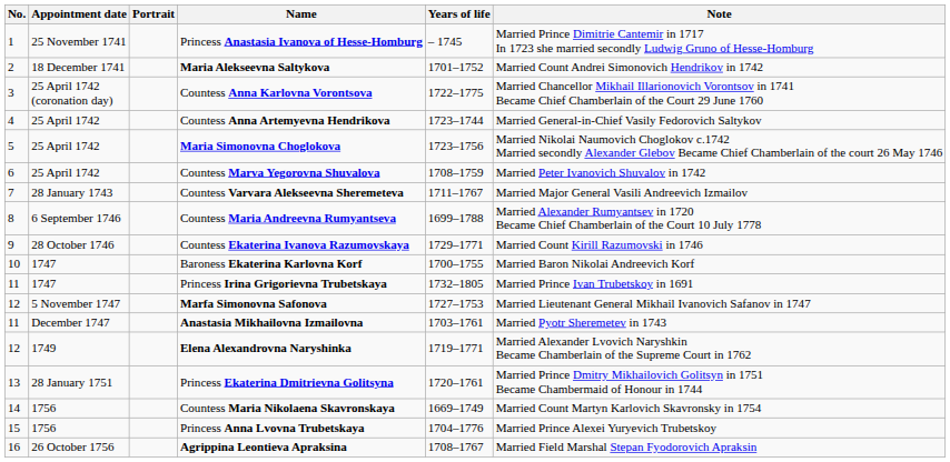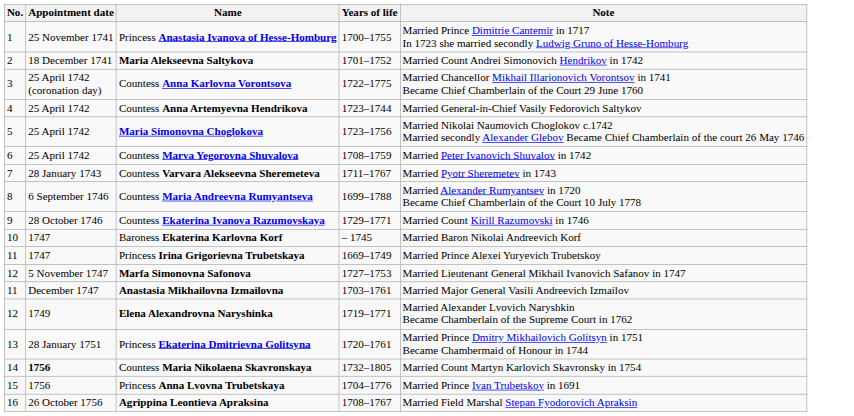 <table class="wikitable">
 <tr>
 <th>No.</th>
 <th>Appointment date</th>
-<th>Portrait</th>
 <th>Name</th>
 <th>Years of life</th>
 <th>Note</th>
 </tr>
 <tr>
 <td>1</td>
 <td>25 November 1741</td>
-<td></td>
 <td>Princess <strong><a href='#'>Anastasia Ivanova of Hesse-Homburg</a></strong></td>
-<td>– 1745</td>
+<td>1700–1755</td>
 <td>Married Prince <a href='#'>Dimitrie Cantemir</a> in 1717<br>In 1723 she married secondly <a href='#'>Ludwig Gruno of Hesse-Homburg</a></td>
 </tr>
 <tr>
 <td>2</td>
 <td>18 December 1741</td>
-<td></td>
 <td><strong>Maria Alekseevna Saltykova</strong></td>
 <td>1701–1752</td>
 <td>Married Count Andrei Simonovich <a href='#'>Hendrikov</a> in 1742</td>
 </tr>
 <tr>
 <td>3</td>
 <td>25 April 1742<br>(coronation day)</td>
-<td></td>
 <td>Countess <strong><a href='#'>Anna Karlovna Vorontsova</a></strong></td>
 <td>1722–1775</td>
 <td>Married Chancellor <a href='#'>Mikhail Illarionovich Vorontsov</a> in 1741<br>Became Chief Chamberlain of the Court 29 June 1760</td>
 </tr>
 <tr>
 <td>4</td>
 <td>25 April 1742</td>
-<td></td>
 <td>Countess <strong>Anna Artemyevna Hendrikova</strong></td>
 <td>1723–1744</td>
 <td>Married General-in-Chief Vasily Fedorovich Saltykov</td>
 </tr>
 <tr>
 <td>5</td>
 <td>25 April 1742</td>
-<td></td>
 <td><strong><a href='#'>Maria Simonovna Choglokova</a></strong></td>
 <td>1723–1756</td>
 <td>Married Nikolai Naumovich Choglokov c.1742<br>Married secondly <a href='#'>Alexander Glebov</a> Became Chief Chamberlain of the court 26 May 1746</td>
 </tr>
 <tr>
 <td>6</td>
 <td>25 April 1742</td>
-<td></td>
 <td>Countess <a href='#'><strong>Marva Yegorovna Shuvalova</strong></a></td>
 <td>1708–1759</td>
 <td>Married <a href='#'>Peter Ivanovich Shuvalov</a> in 1742</td>
 </tr>
 <tr>
 <td>7</td>
 <td>28 January 1743</td>
-<td></td>
 <td>Countess <strong>Varvara Alekseevna Sheremeteva</strong></td>
 <td>1711–1767</td>
-<td>Married Major General Vasili Andreevich Izmailov</td>
+<td>Married <a href='#'>Pyotr Sheremetev</a> in 1743</td>
 </tr>
 <tr>
 <td>8</td>
 <td>6 September 1746</td>
-<td></td>
 <td>Countess <strong><a href='#'>Maria Andreevna Rumyantseva</a></strong></td>
 <td>1699–1788</td>
 <td>Married <a href='#'>Alexander Rumyantsev</a> in 1720<br>Became Chief Chamberlain of the Court 10 July 1778</td>
 </tr>
 <tr>
 <td>9</td>
 <td>28 October 1746</td>
-<td></td>
 <td>Countess <strong><a href='#'>Ekaterina Ivanova Razumovskaya</a></strong></td>
 <td>1729–1771</td>
 <td>Married Count <a href='#'>Kirill Razumovski</a> in 1746</td>
 </tr>
 <tr>
 <td>10</td>
 <td>1747</td>
-<td></td>
 <td>Baroness <strong>Ekaterina Karlovna Korf</strong></td>
-<td>1700–1755</td>
+<td>– 1745</td>
 <td>Married Baron Nikolai Andreevich Korf</td>
 </tr>
 <tr>
 <td>11</td>
 <td>1747</td>
-<td></td>
 <td>Princess <strong>Irina Grigorievna Trubetskaya</strong></td>
-<td>1732–1805</td>
-<td>Married Prince <a href='#'>Ivan Trubetskoy</a> in 1691</td>
+<td>1669–1749</td>
+<td>Married Prince Alexei Yuryevich Trubetskoy</td>
 </tr>
 <tr>
 <td>12</td>
 <td>5 November 1747</td>
-<td></td>
 <td><strong>Marfa Simonovna Safonova</strong></td>
 <td>1727–1753</td>
 <td>Married Lieutenant General Mikhail Ivanovich Safanov in 1747</td>
 </tr>
 <tr>
 <td>11</td>
 <td>December 1747</td>
-<td></td>
 <td><strong>Anastasia Mikhailovna Izmailovna</strong></td>
 <td>1703–1761</td>
-<td>Married <a href='#'>Pyotr Sheremetev</a> in 1743</td>
+<td>Married Major General Vasili Andreevich Izmailov</td>
 </tr>
 <tr>
 <td>12</td>
 <td>1749</td>
-<td></td>
 <td><strong>Elena Alexandrovna Naryshinka</strong></td>
 <td>1719–1771</td>
 <td>Married Alexander Lvovich Naryshkin<br>Became Chamberlain of the Supreme Court in 1762</td>
 </tr>
 <tr>
 <td>13</td>
 <td>28 January 1751</td>
-<td></td>
 <td>Princess <strong><a href='#'>Ekaterina Dmitrievna Golitsyna</a></strong></td>
 <td>1720–1761</td>
 <td>Married Prince <a href='#'>Dmitry Mikhailovich Golitsyn</a> in 1751<br>Became Chambermaid of Honour in 1744</td>
 </tr>
 <tr>
 <td>14</td>
-<td>1756</td>
-<td></td>
+<td><strong>1756</strong></td>
 <td>Countess <strong>Maria Nikolaena Skavronskaya</strong></td>
-<td>1669–1749</td>
+<td>1732–1805</td>
 <td>Married Count Martyn Karlovich Skavronsky in 1754</td>
 </tr>
 <tr>
 <td>15</td>
 <td>1756</td>
-<td></td>
 <td>Princess <strong>Anna Lvovna Trubetskaya</strong></td>
 <td>1704–1776</td>
-<td>Married Prince Alexei Yuryevich Trubetskoy</td>
+<td>Married Prince <a href='#'>Ivan Trubetskoy</a> in 1691</td>
 </tr>
 <tr>
 <td>16</td>
 <td>26 October 1756</td>
-<td></td>
 <td><strong>Agrippina Leontieva Apraksina</strong></td>
 <td>1708–1767</td>
 <td>Married Field Marshal <a href='#'>Stepan Fyodorovich Apraksin</a></td>
 </tr>
 </table>
